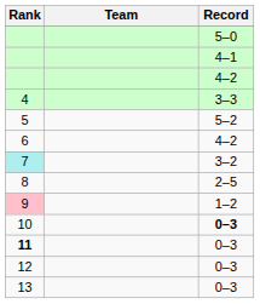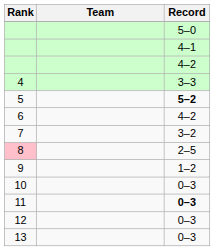 <table class="wikitable" style="text-align: center;">
 <tr>
 <th width=40>Rank</th>
 <th width=180>Team</th>
 <th width=60>Record</th>
 </tr>
 <tr>
 </tr>
 <tr bgcolor=ccffcc>
 <td></td>
 <td align=left></td>
 <td>5–0</td>
 </tr>
 <tr bgcolor=ccffcc>
 <td></td>
 <td align=left></td>
 <td>4–1</td>
 </tr>
 <tr bgcolor=ccffcc>
 <td></td>
 <td align=left></td>
 <td>4–2</td>
 </tr>
 <tr bgcolor=ccffcc>
 <td>4</td>
 <td align=left></td>
 <td>3–3</td>
 </tr>
 <tr>
 <td>5</td>
 <td align=left></td>
-<td>5–2</td>
+<td><strong>5–2</strong></td>
 </tr>
 <tr>
 <td>6</td>
 <td align=left></td>
 <td>4–2</td>
 </tr>
 <tr>
-<td style="background: paleturquoise;">7</td>
+<td>7</td>
 <td align=left></td>
 <td>3–2</td>
 </tr>
 <tr>
-<td>8</td>
+<td style="background: pink;">8</td>
 <td align=left></td>
 <td>2–5</td>
 </tr>
 <tr>
-<td style="background: pink;">9</td>
+<td>9</td>
 <td align=left></td>
 <td>1–2</td>
 </tr>
 <tr>
 <td>10</td>
 <td align=left></td>
-<td><strong>0–3</strong></td>
+<td>0–3</td>
 </tr>
 <tr>
-<td><strong>11</strong></td>
+<td>11</td>
 <td align=left></td>
-<td>0–3</td>
+<td><strong>0–3</strong></td>
 </tr>
 <tr>
 <td>12</td>
 <td align=left></td>
 <td>0–3</td>
 </tr>
 <tr>
 <td>13</td>
 <td align=left></td>
 <td>0–3</td>
 </tr>
 </table>
